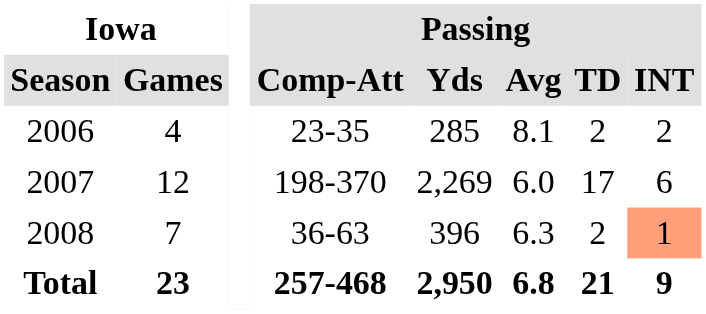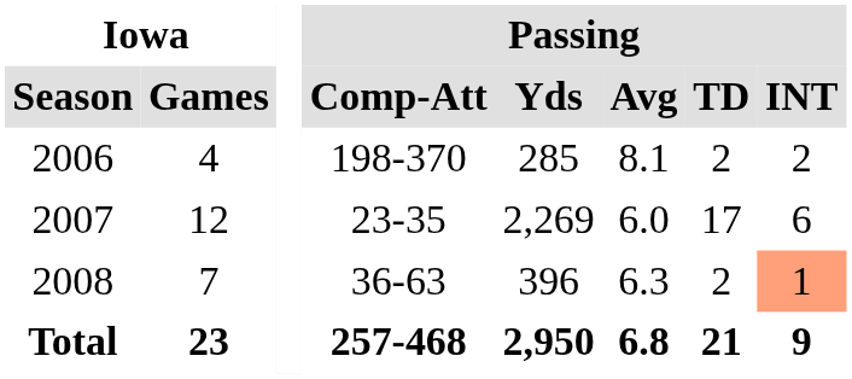 <table BORDER="0" CELLPADDING="3" CELLSPACING="0" ID="Table3" border="2">
 <tr ALIGN="center" bgcolor="#e0e0e0">
 <th ALIGN="center" colspan="2" bgcolor="#ffffff"> Iowa</th>
 <th ALIGN="center" rowspan="99" bgcolor="#ffffff"> </th>
 <th ALIGN="center" colspan="5">Passing</th>
 </tr>
 <tr ALIGN="center" bgcolor="#e0e0e0">
 <th ALIGN="center">Season</th>
 <th ALIGN="center">Games</th>
 <th ALIGN="center">Comp-Att</th>
 <th ALIGN="center">Yds</th>
 <th ALIGN="center">Avg</th>
 <th ALIGN="center">TD</th>
 <th ALIGN="center">INT</th>
 </tr>
 <tr ALIGN="center">
 <td ALIGN="center">2006</td>
 <td ALIGN="center">4</td>
-<td ALIGN="center">23-35</td>
+<td ALIGN="center">198-370</td>
 <td ALIGN="center">285</td>
 <td ALIGN="center">8.1</td>
 <td ALIGN="center">2</td>
 <td ALIGN="center">2</td>
 </tr>
 <tr ALIGN="center">
 <td ALIGN="center">2007</td>
 <td ALIGN="center">12</td>
-<td ALIGN="center">198-370</td>
+<td ALIGN="center">23-35</td>
 <td ALIGN="center">2,269</td>
 <td ALIGN="center">6.0</td>
 <td ALIGN="center">17</td>
 <td ALIGN="center">6</td>
 </tr>
 <tr ALIGN="center">
 <td ALIGN="center">2008</td>
 <td ALIGN="center">7</td>
 <td ALIGN="center">36-63</td>
 <td ALIGN="center">396</td>
 <td ALIGN="center">6.3</td>
 <td ALIGN="center">2</td>
 <td ALIGN="center" style="background: lightsalmon;">1</td>
 </tr>
 <tr ALIGN="center" bgcolor="#f0f0f0">
 </tr>
 <tr ALIGN="center">
 <td ALIGN="center"><strong>Total</strong></td>
 <td ALIGN="center"><strong>23</strong></td>
 <td ALIGN="center"><strong>257-468</strong></td>
 <td ALIGN="center"><strong>2,950</strong></td>
 <td ALIGN="center"><strong>6.8</strong></td>
 <td ALIGN="center"><strong>21</strong></td>
 <td ALIGN="center"><strong>9</strong></td>
 </tr>
 <tr ALIGN="center" bgcolor="#f0f0f0">
 </tr>
 </table>
